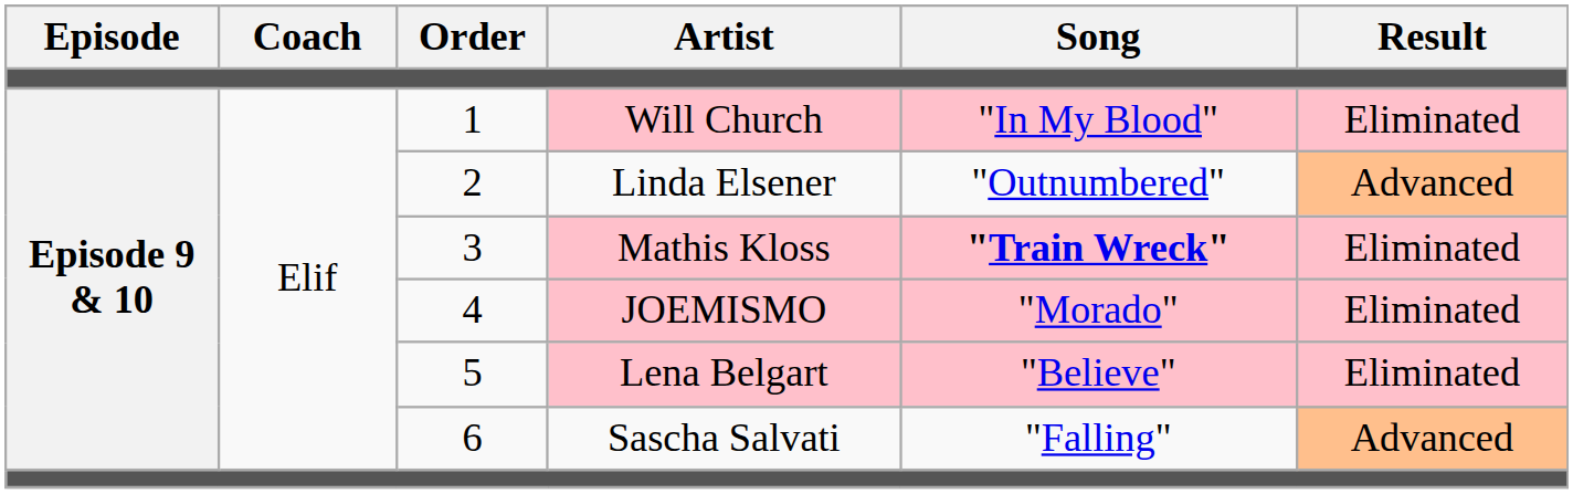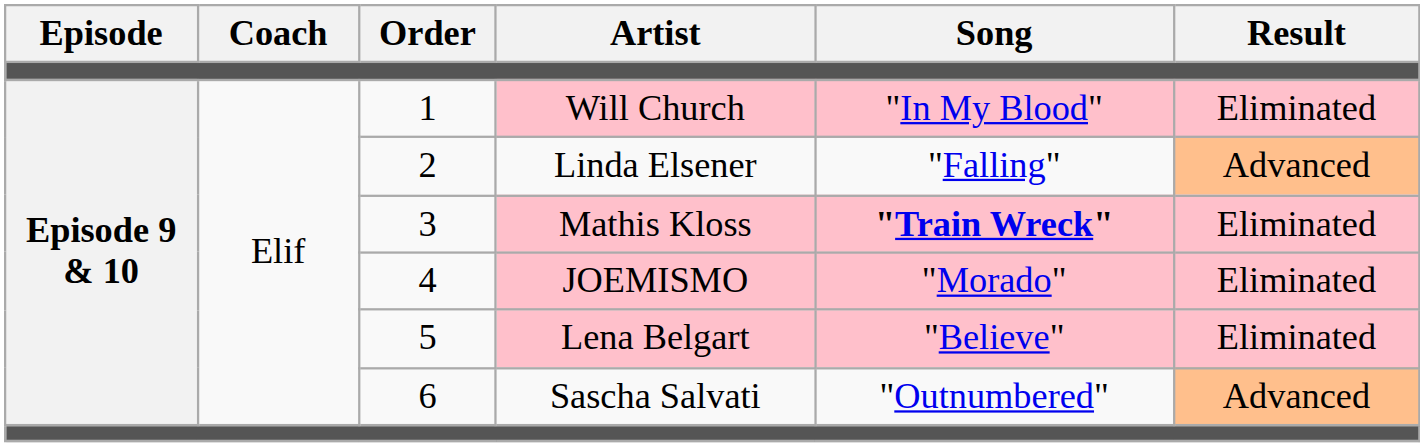 <table class="wikitable" style="text-align: center; width:100%">
 <tr>
 <th scope="col" style="width:09%">Episode</th>
 <th style="width:08%">Coach</th>
 <th style="width:04%">Order</th>
 <th style="width:16%">Artist</th>
 <th style="width:18%">Song</th>
 <th style="width:12%">Result</th>
 </tr>
 <tr>
 <td colspan="6" style="background:#555"></td>
 </tr>
 <tr>
 <th rowspan="6">Episode 9 & 10<br></th>
 <td rowspan="6" scope="row">Elif</td>
 <td>1</td>
 <td style="background:pink">Will Church</td>
 <td style="background:pink">"<a href='#'>In My Blood</a>"</td>
 <td style="background:pink">Eliminated</td>
 </tr>
 <tr>
 <td>2</td>
 <td>Linda Elsener</td>
-<td>"<a href='#'>Outnumbered</a>"</td>
+<td>"<a href='#'>Falling</a>"</td>
 <td style="background:#ffbf8c;">Advanced</td>
 </tr>
 <tr>
 <td>3</td>
 <td style="background:pink">Mathis Kloss</td>
 <td style="background:pink"><strong>"<a href='#'>Train Wreck</a>"</strong></td>
 <td style="background:pink">Eliminated</td>
 </tr>
 <tr>
 <td>4</td>
 <td style="background:pink">JOEMISMO</td>
 <td style="background:pink">"<a href='#'>Morado</a>"</td>
 <td style="background:pink">Eliminated</td>
 </tr>
 <tr>
 <td>5</td>
 <td style="background:pink">Lena Belgart</td>
 <td style="background:pink">"<a href='#'>Believe</a>"</td>
 <td style="background:pink">Eliminated</td>
 </tr>
 <tr>
 <td>6</td>
 <td>Sascha Salvati</td>
-<td>"<a href='#'>Falling</a>"</td>
+<td>"<a href='#'>Outnumbered</a>"</td>
 <td style="background:#ffbf8c;">Advanced</td>
 </tr>
 <tr>
 <td colspan="6" style="background:#555"></td>
 </tr>
 <tr>
 </tr>
 </table>
